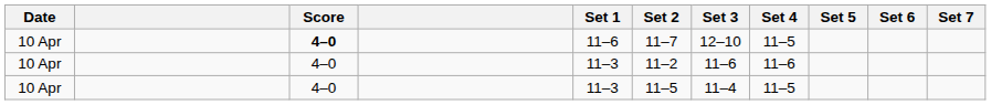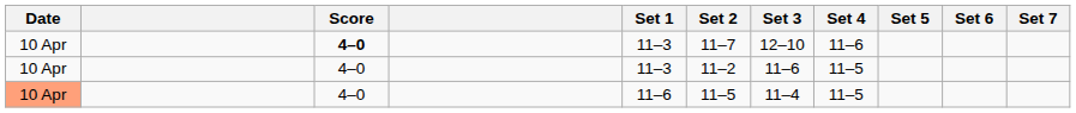 <table class="wikitable" style="text-align: center; font-size:90% ">
 <tr>
 <th width="60">Date</th>
 <th align="right" width="200"></th>
 <th width="60">Score</th>
 <th align="left" width="200"></th>
 <th width="50">Set 1</th>
 <th width="50">Set 2</th>
 <th width="50">Set 3</th>
 <th width="50">Set 4</th>
 <th width="50">Set 5</th>
 <th width="50">Set 6</th>
 <th width="50">Set 7</th>
 </tr>
 <tr>
 <td>10 Apr</td>
 <td align=left><strong></strong></td>
 <td align=center><strong>4–0</strong></td>
 <td align=left></td>
-<td>11–6</td>
+<td>11–3</td>
 <td>11–7</td>
 <td>12–10</td>
-<td>11–5</td>
+<td>11–6</td>
 <td></td>
 <td></td>
 <td></td>
 </tr>
 <tr>
 <td>10 Apr</td>
 <td align=left><strong></strong></td>
 <td align=center>4–0</td>
 <td align=left></td>
 <td>11–3</td>
 <td>11–2</td>
 <td>11–6</td>
-<td>11–6</td>
+<td>11–5</td>
 <td></td>
 <td></td>
 <td></td>
 </tr>
 <tr>
-<td>10 Apr</td>
+<td style="background: lightsalmon;">10 Apr</td>
 <td align=left><strong></strong></td>
 <td align=center>4–0</td>
 <td align=left></td>
-<td>11–3</td>
+<td>11–6</td>
 <td>11–5</td>
 <td>11–4</td>
 <td>11–5</td>
 <td></td>
 <td></td>
 <td></td>
 </tr>
 </table>
